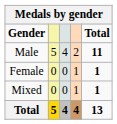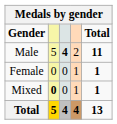 <table class="wikitable" style="font-size:85%; float:right">
 <tr style="background:#efefef;">
 <th colspan=5><strong>Medals by gender</strong></th>
 </tr>
 <tr align=center>
 <td><strong>Gender</strong></td>
 <td style="background:#f7f6a8;"></td>
 <td style="background:#dce5e5;"></td>
 <td style="background:#ffdab9;"></td>
 <td><strong>Total</strong></td>
 </tr>
 <tr align=center>
 <td>Male</td>
 <td style="background:#F7F6A8;">5</td>
-<td style="background:#DCE5E5;">4</td>
+<td style="background:#DCE5E5;"><strong>4</strong></td>
 <td style="background:#FFDAB9;">2</td>
 <td><strong>11</strong></td>
 </tr>
 <tr align=center>
 <td>Female</td>
 <td style="background:#F7F6A8;">0</td>
 <td style="background:#DCE5E5;">0</td>
 <td style="background:#FFDAB9;">1</td>
 <td><strong>1</strong></td>
 </tr>
 <tr align=center>
 <td>Mixed</td>
-<td style="background:#F7F6A8;">0</td>
+<td style="background:#F7F6A8;"><strong>0</strong></td>
 <td style="background:#DCE5E5;">0</td>
 <td style="background:#FFDAB9;">1</td>
 <td><strong>1</strong></td>
 </tr>
 <tr align=center>
 <th><strong>Total</strong></th>
 <td style="background:gold;"><strong>5</strong></td>
 <td style="background:silver;"><strong>4</strong></td>
 <td style="background:#c96;"><strong>4</strong></td>
 <td><strong>13</strong></td>
 </tr>
 </table>
